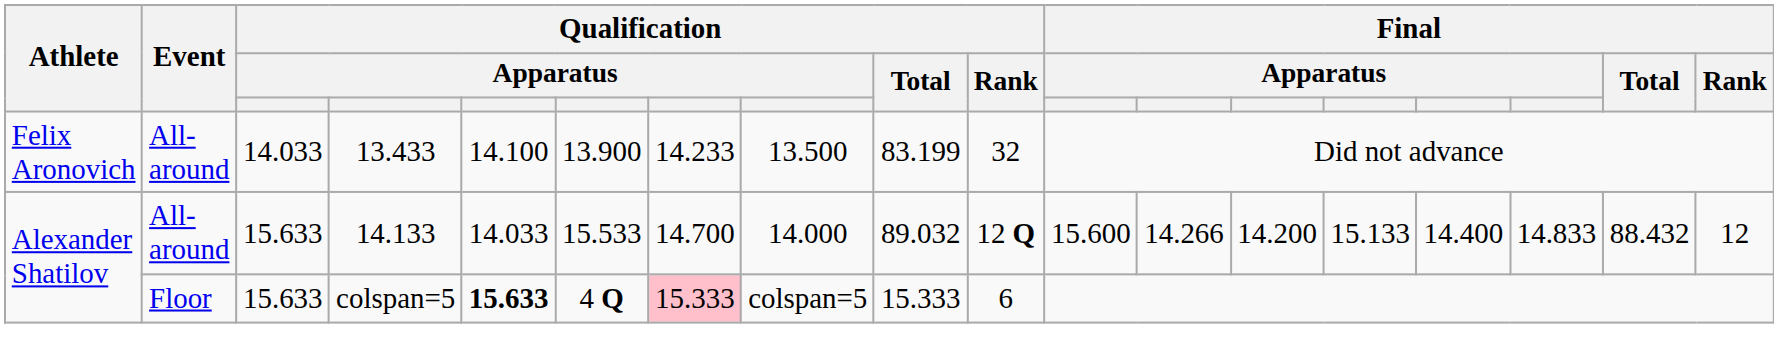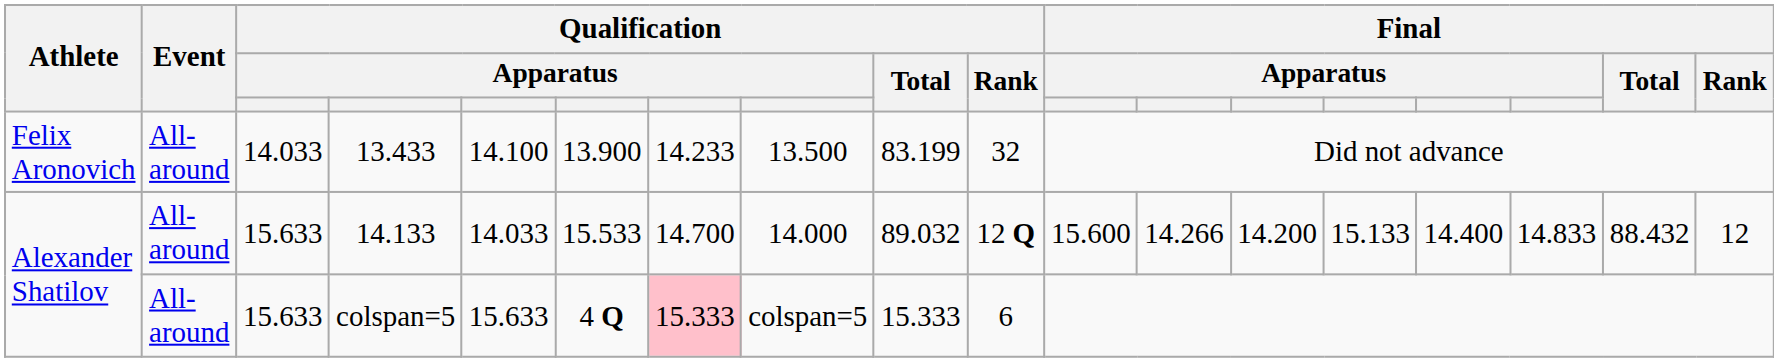 <table class="wikitable" style="font-size:90%">
 <tr>
 <th rowspan=3>Athlete</th>
 <th rowspan=3>Event</th>
 <th colspan =8>Qualification</th>
 <th colspan =8>Final</th>
 </tr>
 <tr style="font-size:95%">
 <th colspan=6>Apparatus</th>
 <th rowspan=2>Total</th>
 <th rowspan=2>Rank</th>
 <th colspan=6>Apparatus</th>
 <th rowspan=2>Total</th>
 <th rowspan=2>Rank</th>
 </tr>
 <tr style="font-size:95%">
 <th></th>
 <th></th>
 <th></th>
 <th></th>
 <th></th>
 <th></th>
 <th></th>
 <th></th>
 <th></th>
 <th></th>
 <th></th>
 <th></th>
 </tr>
 <tr align=center>
 <td align=left><a href='#'>Felix Aronovich</a></td>
 <td align=left><a href='#'>All-around</a></td>
 <td>14.033</td>
 <td>13.433</td>
 <td>14.100</td>
 <td>13.900</td>
 <td>14.233</td>
 <td>13.500</td>
 <td>83.199</td>
 <td>32</td>
 <td colspan=8>Did not advance</td>
 </tr>
 <tr align=center>
 <td align=left rowspan=2><a href='#'>Alexander Shatilov</a></td>
 <td align=left><a href='#'>All-around</a></td>
 <td>15.633</td>
 <td>14.133</td>
 <td>14.033</td>
 <td>15.533</td>
 <td>14.700</td>
 <td>14.000</td>
 <td>89.032</td>
 <td>12 <strong>Q</strong></td>
 <td>15.600</td>
 <td>14.266</td>
 <td>14.200</td>
 <td>15.133</td>
 <td>14.400</td>
 <td>14.833</td>
 <td>88.432</td>
 <td>12</td>
 </tr>
 <tr align=center>
-<td align=left><a href='#'>Floor</a></td>
+<td align=left><a href='#'>All-around</a></td>
 <td>15.633</td>
 <td>colspan=5 </td>
-<td><strong>15.633</strong></td>
+<td>15.633</td>
 <td>4 <strong>Q</strong></td>
 <td style="background: pink;">15.333</td>
 <td>colspan=5 </td>
 <td>15.333</td>
 <td>6</td>
 </tr>
 </table>
